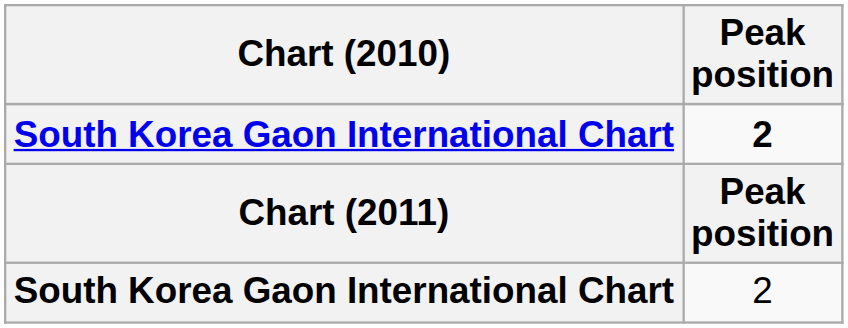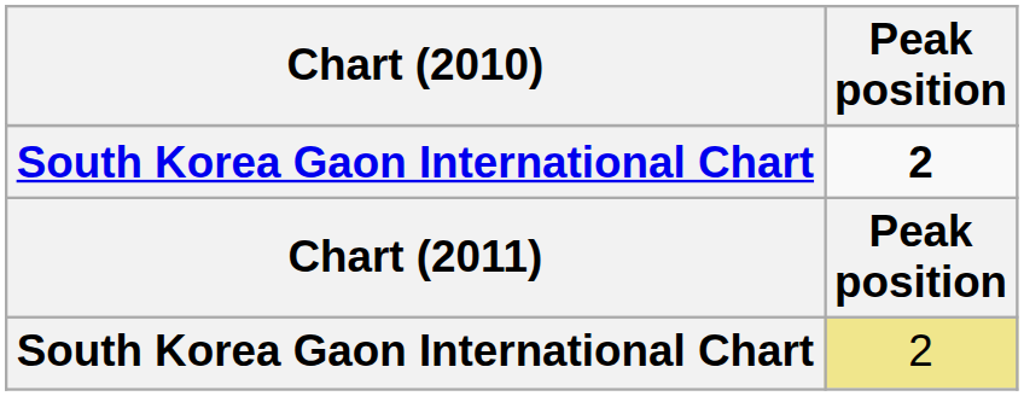 <table class="wikitable plainrowheaders">
 <tr>
 <th scope="col">Chart (2010)</th>
 <th scope="col">Peak<br>position</th>
 </tr>
 <tr>
 </tr>
 <tr>
 <th scope="row"><a href='#'>South Korea Gaon International Chart</a></th>
 <td style="text-align:center;"><strong>2</strong></td>
 </tr>
 <tr>
 <th scope="col">Chart (2011)</th>
 <th scope="col">Peak<br>position</th>
 </tr>
 <tr>
 <th scope="row">South Korea Gaon International Chart</th>
-<td style="text-align:center;">2</td>
+<td style="background: khaki; text-align:center;">2</td>
 </tr>
 </table>
